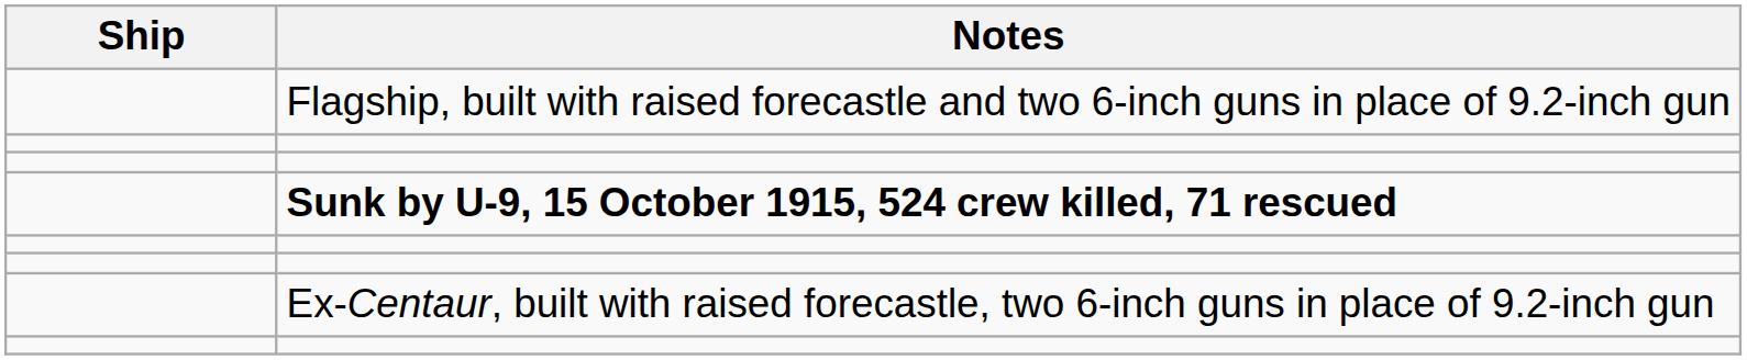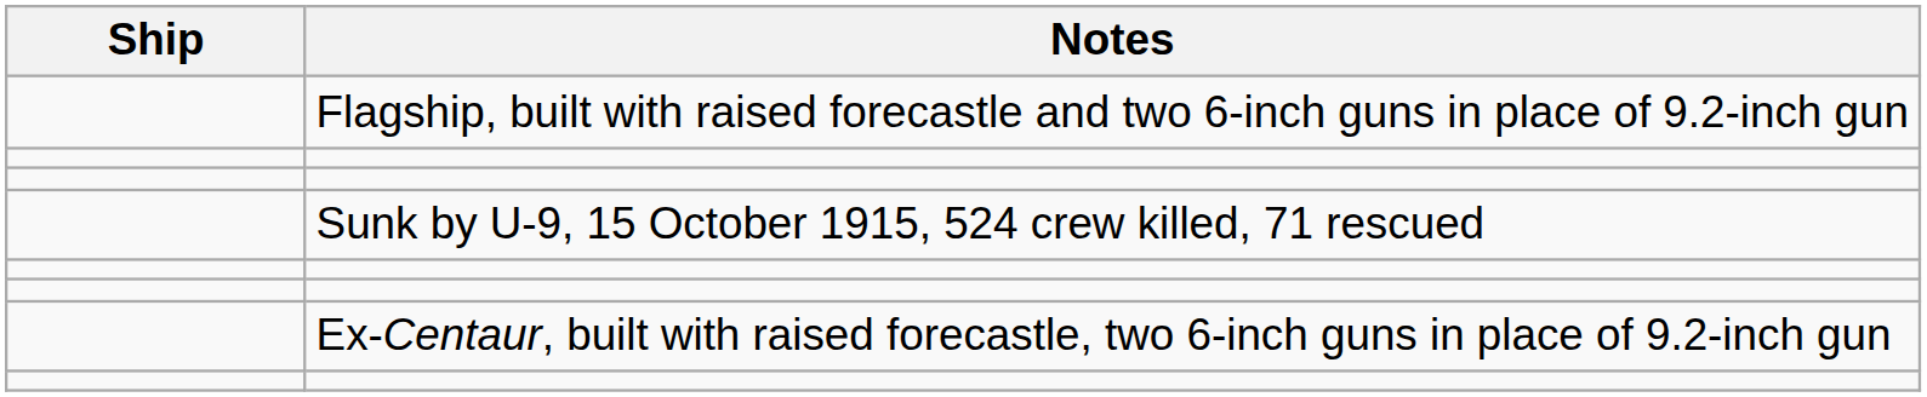 <table class = "wikitable sortable">
 <tr>
 <th scope="col" width="100px">Ship</th>
 <th>Notes</th>
 </tr>
 <tr>
 <td></td>
 <td>Flagship, built with raised forecastle and two 6-inch guns in place of 9.2-inch gun</td>
 </tr>
 <tr>
 <td></td>
 <td></td>
 </tr>
 <tr>
 <td></td>
 <td></td>
 </tr>
 <tr>
 <td></td>
-<td><strong>Sunk by U-9, 15 October 1915, 524 crew killed, 71 rescued</strong></td>
+<td>Sunk by U-9, 15 October 1915, 524 crew killed, 71 rescued</td>
 </tr>
 <tr>
 <td></td>
 <td></td>
 </tr>
 <tr>
 <td></td>
 <td></td>
 </tr>
 <tr>
 <td></td>
 <td>Ex-<em>Centaur</em>, built with raised forecastle, two 6-inch guns in place of 9.2-inch gun</td>
 </tr>
 <tr>
 <td></td>
 <td></td>
 </tr>
 </table>
